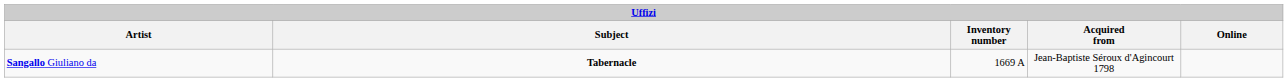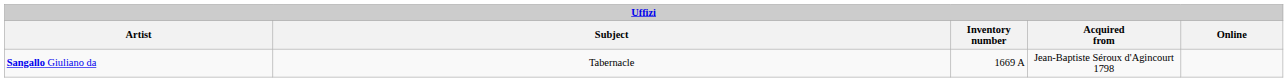 <table class="wikitable">
 <tr>
 <td colspan="5" align="center" bgcolor="#CCCCCC"><strong><a href='#'>Uffizi</a></strong></td>
 </tr>
 <tr>
 <th width="21%">Artist</th>
 <th width="53%">Subject</th>
 <th width="6%">Inventory<br>number</th>
 <th width="12%">Acquired<br>from</th>
 <th>Online</th>
 </tr>
 <tr>
 <td align="left"><a href='#'><strong>Sangallo</strong> Giuliano da</a></td>
-<td align="center"><strong>Tabernacle</strong></td>
+<td align="center">Tabernacle</td>
 <td align="right">1669 A</td>
 <td align="center">Jean-Baptiste Séroux d'Agincourt 1798</td>
 <td align="right"></td>
 </tr>
 </table>
